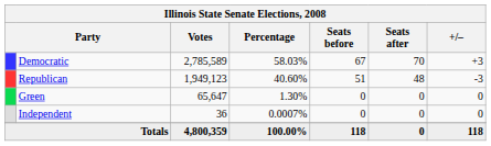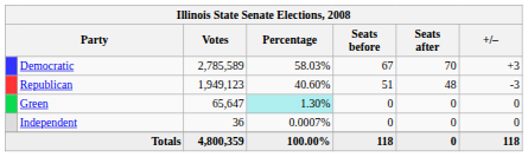 <table class="wikitable" style="font-size: 95%;">
 <tr style="background-color:#E9E9E9">
 <th colspan="8">Illinois State Senate Elections, 2008</th>
 </tr>
 <tr bgcolor="#EEEEEE" align="center">
 <th colspan=2 style="width: 15em">Party</th>
 <th style="width: 5em">Votes</th>
 <th style="width: 7em">Percentage</th>
 <th style="width: 5em">Seats<br>before</th>
 <th style="width: 5em">Seats<br>after</th>
 <th style="width: 5em">+/–</th>
 </tr>
 <tr>
 <th style="background-color:#3333FF; width: 3px"></th>
 <td style="width: 130px"><a href='#'>Democratic</a></td>
 <td align="right">2,785,589</td>
 <td align="right">58.03%</td>
 <td align="right">67</td>
 <td align="right">70</td>
 <td align="right">+3</td>
 </tr>
 <tr>
 <th style="background-color:#FF3333; width: 3px"></th>
 <td style="width: 130px"><a href='#'>Republican</a></td>
 <td align="right">1,949,123</td>
 <td align="right">40.60%</td>
 <td align="right">51</td>
 <td align="right">48</td>
 <td align="right">-3</td>
 </tr>
 <tr>
 <th style="background-color:#0BDA51; width: 3px"></th>
 <td style="width: 130px"><a href='#'>Green</a></td>
 <td align="right">65,647</td>
-<td align="right">1.30%</td>
+<td align="right" style="background: paleturquoise;">1.30%</td>
 <td align="right">0</td>
 <td align="right">0</td>
 <td align="right">0</td>
 </tr>
 <tr>
 <th style="background-color:#DDDDDD; width: 3px"></th>
 <td style="width: 130px"><a href='#'>Independent</a></td>
 <td align="right">36</td>
 <td align="right">0.0007%</td>
 <td align="right">0</td>
 <td align="right">0</td>
 <td align="right">0</td>
 </tr>
 <tr>
 </tr>
 <tr bgcolor="#EEEEEE">
 <td colspan="2" align="right"><strong>Totals</strong></td>
 <td align="right"><strong>4,800,359</strong></td>
 <td align="right"><strong>100.00%</strong></td>
 <td align="right"><strong>118</strong></td>
 <td align="right"><strong>0</strong></td>
 <td align="right"><strong>118</strong></td>
 </tr>
 </table>
